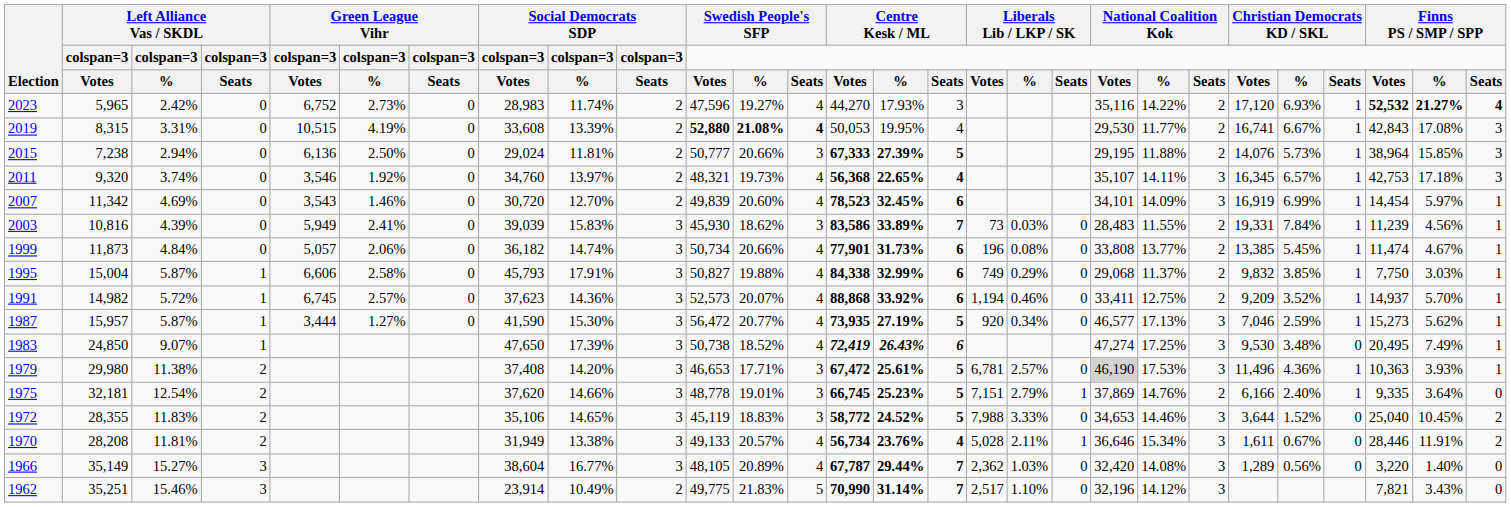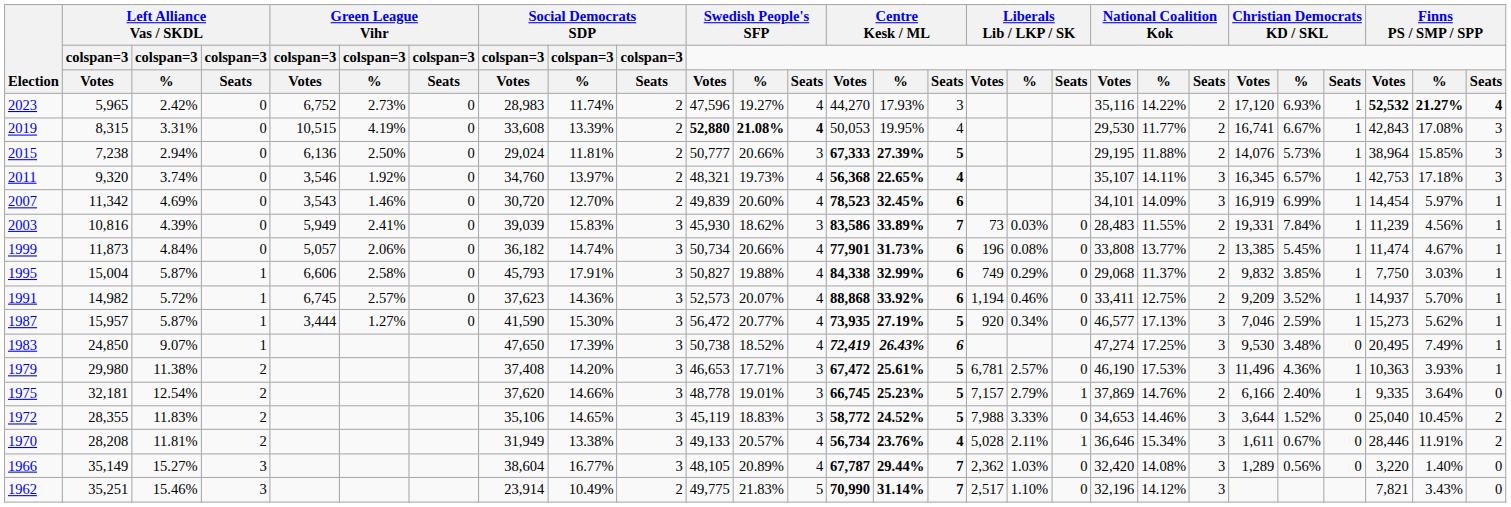 <table class="wikitable" border="1" style="font-size:85%; text-align:right;">
 <tr>
 <th style="text-align:left;" valign=bottom rowspan=3>Election</th>
 <th valign=bottom colspan=3><a href='#'>Left Alliance</a><br>Vas / SKDL</th>
 <th valign=bottom colspan=3><a href='#'>Green League</a><br>Vihr</th>
 <th valign=bottom colspan=3><a href='#'>Social Democrats</a><br>SDP</th>
 <th valign=bottom colspan=3><a href='#'>Swedish People's</a><br>SFP</th>
 <th valign=bottom colspan=3><a href='#'>Centre</a><br>Kesk / ML</th>
 <th valign=bottom colspan=3><a href='#'>Liberals</a><br>Lib / LKP / SK</th>
 <th valign=bottom colspan=3><a href='#'>National Coalition</a><br>Kok</th>
 <th valign=bottom colspan=3><a href='#'>Christian Democrats</a><br>KD / SKL</th>
 <th valign=bottom colspan=3><a href='#'>Finns</a><br>PS / SMP / SPP</th>
 </tr>
 <tr>
 <th>colspan=3 </th>
 <th>colspan=3 </th>
 <th>colspan=3 </th>
 <th>colspan=3 </th>
 <th>colspan=3 </th>
 <th>colspan=3 </th>
 <th>colspan=3 </th>
 <th>colspan=3 </th>
 <th>colspan=3 </th>
 </tr>
 <tr>
 <th>Votes</th>
 <th>%</th>
 <th>Seats</th>
 <th>Votes</th>
 <th>%</th>
 <th>Seats</th>
 <th>Votes</th>
 <th>%</th>
 <th>Seats</th>
 <th>Votes</th>
 <th>%</th>
 <th>Seats</th>
 <th>Votes</th>
 <th>%</th>
 <th>Seats</th>
 <th>Votes</th>
 <th>%</th>
 <th>Seats</th>
 <th>Votes</th>
 <th>%</th>
 <th>Seats</th>
 <th>Votes</th>
 <th>%</th>
 <th>Seats</th>
 <th>Votes</th>
 <th>%</th>
 <th>Seats</th>
 </tr>
 <tr>
 <td align=left><a href='#'>2023</a></td>
 <td>5,965</td>
 <td>2.42%</td>
 <td>0</td>
 <td>6,752</td>
 <td>2.73%</td>
 <td>0</td>
 <td>28,983</td>
 <td>11.74%</td>
 <td>2</td>
 <td>47,596</td>
 <td>19.27%</td>
 <td>4</td>
 <td>44,270</td>
 <td>17.93%</td>
 <td>3</td>
 <td></td>
 <td></td>
 <td></td>
 <td>35,116</td>
 <td>14.22%</td>
 <td>2</td>
 <td>17,120</td>
 <td>6.93%</td>
 <td>1</td>
 <td><strong>52,532</strong></td>
 <td><strong>21.27%</strong></td>
 <td><strong>4</strong></td>
 </tr>
 <tr>
 <td align=left><a href='#'>2019</a></td>
 <td>8,315</td>
 <td>3.31%</td>
 <td>0</td>
 <td>10,515</td>
 <td>4.19%</td>
 <td>0</td>
 <td>33,608</td>
 <td>13.39%</td>
 <td>2</td>
 <td><strong>52,880</strong></td>
 <td><strong>21.08%</strong></td>
 <td><strong>4</strong></td>
 <td>50,053</td>
 <td>19.95%</td>
 <td>4</td>
 <td></td>
 <td></td>
 <td></td>
 <td>29,530</td>
 <td>11.77%</td>
 <td>2</td>
 <td>16,741</td>
 <td>6.67%</td>
 <td>1</td>
 <td>42,843</td>
 <td>17.08%</td>
 <td>3</td>
 </tr>
 <tr>
 <td align=left><a href='#'>2015</a></td>
 <td>7,238</td>
 <td>2.94%</td>
 <td>0</td>
 <td>6,136</td>
 <td>2.50%</td>
 <td>0</td>
 <td>29,024</td>
 <td>11.81%</td>
 <td>2</td>
 <td>50,777</td>
 <td>20.66%</td>
 <td>3</td>
 <td><strong>67,333</strong></td>
 <td><strong>27.39%</strong></td>
 <td><strong>5</strong></td>
 <td></td>
 <td></td>
 <td></td>
 <td>29,195</td>
 <td>11.88%</td>
 <td>2</td>
 <td>14,076</td>
 <td>5.73%</td>
 <td>1</td>
 <td>38,964</td>
 <td>15.85%</td>
 <td>3</td>
 </tr>
 <tr>
 <td align=left><a href='#'>2011</a></td>
 <td>9,320</td>
 <td>3.74%</td>
 <td>0</td>
 <td>3,546</td>
 <td>1.92%</td>
 <td>0</td>
 <td>34,760</td>
 <td>13.97%</td>
 <td>2</td>
 <td>48,321</td>
 <td>19.73%</td>
 <td>4</td>
 <td><strong>56,368</strong></td>
 <td><strong>22.65%</strong></td>
 <td><strong>4</strong></td>
 <td></td>
 <td></td>
 <td></td>
 <td>35,107</td>
 <td>14.11%</td>
 <td>3</td>
 <td>16,345</td>
 <td>6.57%</td>
 <td>1</td>
 <td>42,753</td>
 <td>17.18%</td>
 <td>3</td>
 </tr>
 <tr>
 <td align=left><a href='#'>2007</a></td>
 <td>11,342</td>
 <td>4.69%</td>
 <td>0</td>
 <td>3,543</td>
 <td>1.46%</td>
 <td>0</td>
 <td>30,720</td>
 <td>12.70%</td>
 <td>2</td>
 <td>49,839</td>
 <td>20.60%</td>
 <td>4</td>
 <td><strong>78,523</strong></td>
 <td><strong>32.45%</strong></td>
 <td><strong>6</strong></td>
 <td></td>
 <td></td>
 <td></td>
 <td>34,101</td>
 <td>14.09%</td>
 <td>3</td>
 <td>16,919</td>
 <td>6.99%</td>
 <td>1</td>
 <td>14,454</td>
 <td>5.97%</td>
 <td>1</td>
 </tr>
 <tr>
 <td align=left><a href='#'>2003</a></td>
 <td>10,816</td>
 <td>4.39%</td>
 <td>0</td>
 <td>5,949</td>
 <td>2.41%</td>
 <td>0</td>
 <td>39,039</td>
 <td>15.83%</td>
 <td>3</td>
 <td>45,930</td>
 <td>18.62%</td>
 <td>3</td>
 <td><strong>83,586</strong></td>
 <td><strong>33.89%</strong></td>
 <td><strong>7</strong></td>
 <td>73</td>
 <td>0.03%</td>
 <td>0</td>
 <td>28,483</td>
 <td>11.55%</td>
 <td>2</td>
 <td>19,331</td>
 <td>7.84%</td>
 <td>1</td>
 <td>11,239</td>
 <td>4.56%</td>
 <td>1</td>
 </tr>
 <tr>
 <td align=left><a href='#'>1999</a></td>
 <td>11,873</td>
 <td>4.84%</td>
 <td>0</td>
 <td>5,057</td>
 <td>2.06%</td>
 <td>0</td>
 <td>36,182</td>
 <td>14.74%</td>
 <td>3</td>
 <td>50,734</td>
 <td>20.66%</td>
 <td>4</td>
 <td><strong>77,901</strong></td>
 <td><strong>31.73%</strong></td>
 <td><strong>6</strong></td>
 <td>196</td>
 <td>0.08%</td>
 <td>0</td>
 <td>33,808</td>
 <td>13.77%</td>
 <td>2</td>
 <td>13,385</td>
 <td>5.45%</td>
 <td>1</td>
 <td>11,474</td>
 <td>4.67%</td>
 <td>1</td>
 </tr>
 <tr>
 <td align=left><a href='#'>1995</a></td>
 <td>15,004</td>
 <td>5.87%</td>
 <td>1</td>
 <td>6,606</td>
 <td>2.58%</td>
 <td>0</td>
 <td>45,793</td>
 <td>17.91%</td>
 <td>3</td>
 <td>50,827</td>
 <td>19.88%</td>
 <td>4</td>
 <td><strong>84,338</strong></td>
 <td><strong>32.99%</strong></td>
 <td><strong>6</strong></td>
 <td>749</td>
 <td>0.29%</td>
 <td>0</td>
 <td>29,068</td>
 <td>11.37%</td>
 <td>2</td>
 <td>9,832</td>
 <td>3.85%</td>
 <td>1</td>
 <td>7,750</td>
 <td>3.03%</td>
 <td>1</td>
 </tr>
 <tr>
 <td align=left><a href='#'>1991</a></td>
 <td>14,982</td>
 <td>5.72%</td>
 <td>1</td>
 <td>6,745</td>
 <td>2.57%</td>
 <td>0</td>
 <td>37,623</td>
 <td>14.36%</td>
 <td>3</td>
 <td>52,573</td>
 <td>20.07%</td>
 <td>4</td>
 <td><strong>88,868</strong></td>
 <td><strong>33.92%</strong></td>
 <td><strong>6</strong></td>
 <td>1,194</td>
 <td>0.46%</td>
 <td>0</td>
 <td>33,411</td>
 <td>12.75%</td>
 <td>2</td>
 <td>9,209</td>
 <td>3.52%</td>
 <td>1</td>
 <td>14,937</td>
 <td>5.70%</td>
 <td>1</td>
 </tr>
 <tr>
 <td align=left><a href='#'>1987</a></td>
 <td>15,957</td>
 <td>5.87%</td>
 <td>1</td>
 <td>3,444</td>
 <td>1.27%</td>
 <td>0</td>
 <td>41,590</td>
 <td>15.30%</td>
 <td>3</td>
 <td>56,472</td>
 <td>20.77%</td>
 <td>4</td>
 <td><strong>73,935</strong></td>
 <td><strong>27.19%</strong></td>
 <td><strong>5</strong></td>
 <td>920</td>
 <td>0.34%</td>
 <td>0</td>
 <td>46,577</td>
 <td>17.13%</td>
 <td>3</td>
 <td>7,046</td>
 <td>2.59%</td>
 <td>1</td>
 <td>15,273</td>
 <td>5.62%</td>
 <td>1</td>
 </tr>
 <tr>
 <td align=left><a href='#'>1983</a></td>
 <td>24,850</td>
 <td>9.07%</td>
 <td>1</td>
 <td></td>
 <td></td>
 <td></td>
 <td>47,650</td>
 <td>17.39%</td>
 <td>3</td>
 <td>50,738</td>
 <td>18.52%</td>
 <td>4</td>
 <td><strong><em>72,419</em></strong></td>
 <td><strong><em>26.43%</em></strong></td>
 <td><strong><em>6</em></strong></td>
 <td></td>
 <td></td>
 <td></td>
 <td>47,274</td>
 <td>17.25%</td>
 <td>3</td>
 <td>9,530</td>
 <td>3.48%</td>
 <td>0</td>
 <td>20,495</td>
 <td>7.49%</td>
 <td>1</td>
 </tr>
 <tr>
 <td align=left><a href='#'>1979</a></td>
 <td>29,980</td>
 <td>11.38%</td>
 <td>2</td>
 <td></td>
 <td></td>
 <td></td>
 <td>37,408</td>
 <td>14.20%</td>
 <td>3</td>
 <td>46,653</td>
 <td>17.71%</td>
 <td>3</td>
 <td><strong>67,472</strong></td>
 <td><strong>25.61%</strong></td>
 <td><strong>5</strong></td>
 <td>6,781</td>
 <td>2.57%</td>
 <td>0</td>
-<td style="background: lightgrey;">46,190</td>
+<td>46,190</td>
 <td>17.53%</td>
 <td>3</td>
 <td>11,496</td>
 <td>4.36%</td>
 <td>1</td>
 <td>10,363</td>
 <td>3.93%</td>
 <td>1</td>
 </tr>
 <tr>
 <td align=left><a href='#'>1975</a></td>
 <td>32,181</td>
 <td>12.54%</td>
 <td>2</td>
 <td></td>
 <td></td>
 <td></td>
 <td>37,620</td>
 <td>14.66%</td>
 <td>3</td>
 <td>48,778</td>
 <td>19.01%</td>
 <td>3</td>
 <td><strong>66,745</strong></td>
 <td><strong>25.23%</strong></td>
 <td><strong>5</strong></td>
-<td>7,151</td>
+<td>7,157</td>
 <td>2.79%</td>
 <td>1</td>
 <td>37,869</td>
 <td>14.76%</td>
 <td>2</td>
 <td>6,166</td>
 <td>2.40%</td>
 <td>1</td>
 <td>9,335</td>
 <td>3.64%</td>
 <td>0</td>
 </tr>
 <tr>
 <td align=left><a href='#'>1972</a></td>
 <td>28,355</td>
 <td>11.83%</td>
 <td>2</td>
 <td></td>
 <td></td>
 <td></td>
 <td>35,106</td>
 <td>14.65%</td>
 <td>3</td>
 <td>45,119</td>
 <td>18.83%</td>
 <td>3</td>
 <td><strong>58,772</strong></td>
 <td><strong>24.52%</strong></td>
 <td><strong>5</strong></td>
 <td>7,988</td>
 <td>3.33%</td>
 <td>0</td>
 <td>34,653</td>
 <td>14.46%</td>
 <td>3</td>
 <td>3,644</td>
 <td>1.52%</td>
 <td>0</td>
 <td>25,040</td>
 <td>10.45%</td>
 <td>2</td>
 </tr>
 <tr>
 <td align=left><a href='#'>1970</a></td>
 <td>28,208</td>
 <td>11.81%</td>
 <td>2</td>
 <td></td>
 <td></td>
 <td></td>
 <td>31,949</td>
 <td>13.38%</td>
 <td>3</td>
 <td>49,133</td>
 <td>20.57%</td>
 <td>4</td>
 <td><strong>56,734</strong></td>
 <td><strong>23.76%</strong></td>
 <td><strong>4</strong></td>
 <td>5,028</td>
 <td>2.11%</td>
 <td>1</td>
 <td>36,646</td>
 <td>15.34%</td>
 <td>3</td>
 <td>1,611</td>
 <td>0.67%</td>
 <td>0</td>
 <td>28,446</td>
 <td>11.91%</td>
 <td>2</td>
 </tr>
 <tr>
 <td align=left><a href='#'>1966</a></td>
 <td>35,149</td>
 <td>15.27%</td>
 <td>3</td>
 <td></td>
 <td></td>
 <td></td>
 <td>38,604</td>
 <td>16.77%</td>
 <td>3</td>
 <td>48,105</td>
 <td>20.89%</td>
 <td>4</td>
 <td><strong>67,787</strong></td>
 <td><strong>29.44%</strong></td>
 <td><strong>7</strong></td>
 <td>2,362</td>
 <td>1.03%</td>
 <td>0</td>
 <td>32,420</td>
 <td>14.08%</td>
 <td>3</td>
 <td>1,289</td>
 <td>0.56%</td>
 <td>0</td>
 <td>3,220</td>
 <td>1.40%</td>
 <td>0</td>
 </tr>
 <tr>
 <td align=left><a href='#'>1962</a></td>
 <td>35,251</td>
 <td>15.46%</td>
 <td>3</td>
 <td></td>
 <td></td>
 <td></td>
 <td>23,914</td>
 <td>10.49%</td>
 <td>2</td>
 <td>49,775</td>
 <td>21.83%</td>
 <td>5</td>
 <td><strong>70,990</strong></td>
 <td><strong>31.14%</strong></td>
 <td><strong>7</strong></td>
 <td>2,517</td>
 <td>1.10%</td>
 <td>0</td>
 <td>32,196</td>
 <td>14.12%</td>
 <td>3</td>
 <td></td>
 <td></td>
 <td></td>
 <td>7,821</td>
 <td>3.43%</td>
 <td>0</td>
 </tr>
 </table>
